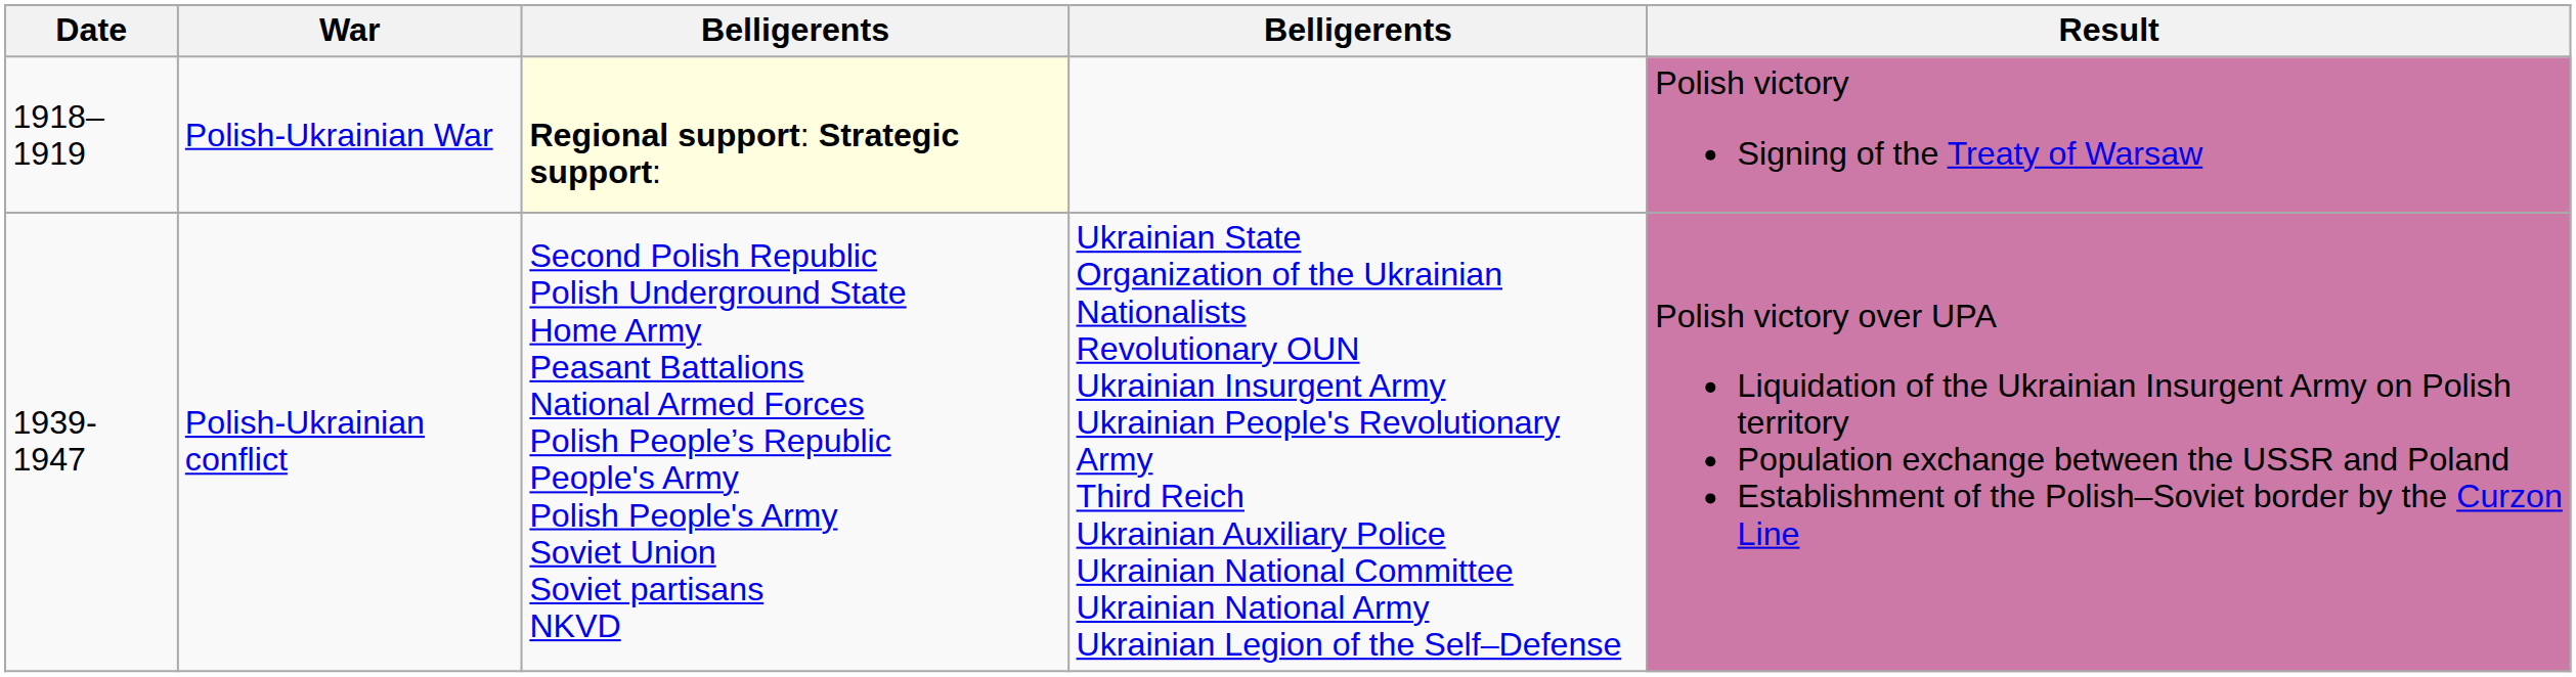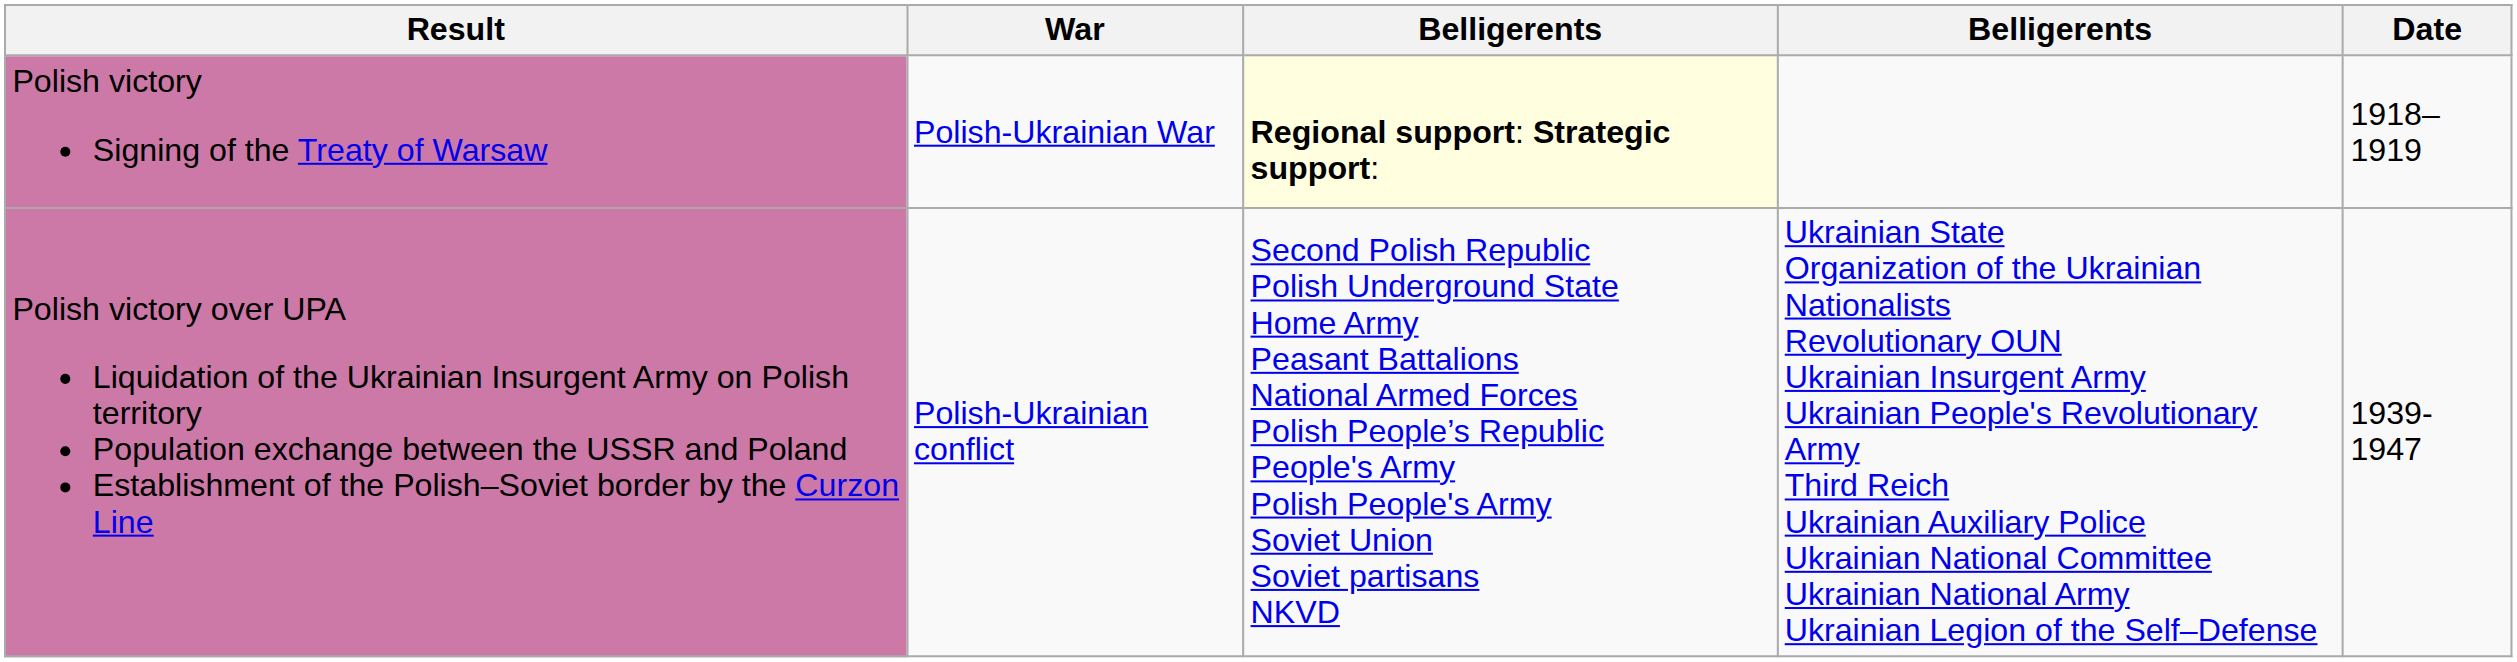 <table class="wikitable">
 <tr>
-<th>Date</th>
+<th>Result</th>
 <th>War</th>
 <th>Belligerents</th>
 <th>Belligerents</th>
-<th>Result</th>
+<th>Date</th>
 </tr>
 <tr -->
-<td>1918–1919</td>
+<td bgcolor="#CC79A7">Polish victory<br><ul><li>Signing of the <a href='#'>Treaty of Warsaw</a></li></ul></td>
 <td><a href='#'>Polish-Ukrainian War</a></td>
 <td style="background: lightyellow;"><br><strong>Regional support</strong>: <strong>Strategic support</strong>:<br></td>
 <td></td>
-<td bgcolor="#CC79A7">Polish victory<br><ul><li>Signing of the <a href='#'>Treaty of Warsaw</a></li></ul></td>
+<td>1918–1919</td>
 </tr>
 <tr -->
-<td>1939-1947</td>
+<td bgcolor="#CC79A7">Polish victory over UPA<br><ul><li>Liquidation of the Ukrainian Insurgent Army on Polish territory</li><li>Population exchange between the USSR and Poland</li><li>Establishment of the Polish–Soviet border by the <a href='#'>Curzon Line</a></li></ul></td>
 <td><a href='#'>Polish-Ukrainian conflict</a></td>
 <td> <a href='#'>Second Polish Republic</a><br> <a href='#'>Polish Underground State</a><br> <a href='#'>Home Army</a><br> <a href='#'>Peasant Battalions</a><br><a href='#'>National Armed Forces</a><br> <a href='#'>Polish People’s Republic</a><br> <a href='#'>People's Army</a><br> <a href='#'>Polish People's Army</a><br> <a href='#'>Soviet Union</a><br> <a href='#'>Soviet partisans</a><br> <a href='#'>NKVD</a></td>
 <td> <a href='#'>Ukrainian State</a><br> <a href='#'>Organization of the Ukrainian Nationalists</a><br> <a href='#'>Revolutionary OUN</a><br> <a href='#'>Ukrainian Insurgent Army</a><br> <a href='#'>Ukrainian People's Revolutionary Army</a><br> <a href='#'>Third Reich</a><br> <a href='#'>Ukrainian Auxiliary Police</a><br> <a href='#'>Ukrainian National Committee</a><br> <a href='#'>Ukrainian National Army</a><br> <a href='#'>Ukrainian Legion of the Self–Defense</a></td>
-<td bgcolor="#CC79A7">Polish victory over UPA<br><ul><li>Liquidation of the Ukrainian Insurgent Army on Polish territory</li><li>Population exchange between the USSR and Poland</li><li>Establishment of the Polish–Soviet border by the <a href='#'>Curzon Line</a></li></ul></td>
+<td>1939-1947</td>
 </tr>
 </table>
